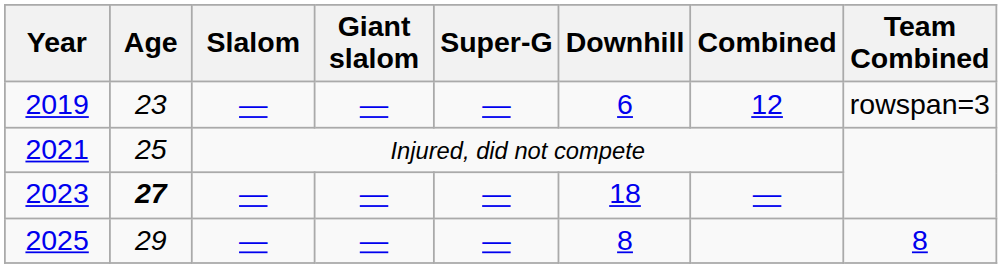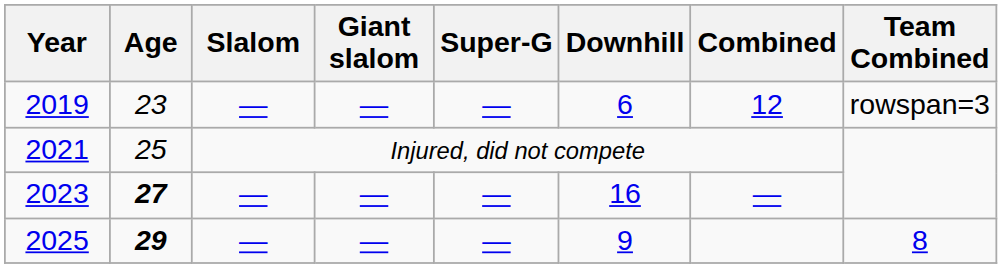 <table class=wikitable style="text-align:center">
 <tr>
 <th>  Year  </th>
 <th> Age </th>
 <th> Slalom </th>
 <th> Giant <br> slalom </th>
 <th>Super-G</th>
 <th>Downhill</th>
 <th>Combined</th>
 <th>Team<br>Combined</th>
 </tr>
 <tr>
 <td><a href='#'>2019</a></td>
 <td><em>23</em></td>
 <td><a href='#'>—</a></td>
 <td><a href='#'>—</a></td>
 <td><a href='#'>—</a></td>
 <td><a href='#'>6</a></td>
 <td><a href='#'>12</a></td>
 <td>rowspan=3</td>
 </tr>
 <tr>
 <td><a href='#'>2021</a></td>
 <td><em>25</em></td>
 <td colspan=5><em><small>Injured, did not compete</small></em></td>
 </tr>
 <tr>
 <td><a href='#'>2023</a></td>
 <td><strong><em>27</em></strong></td>
 <td><a href='#'>—</a></td>
 <td><a href='#'>—</a></td>
 <td><a href='#'>—</a></td>
-<td><a href='#'>18</a></td>
+<td><a href='#'>16</a></td>
 <td><a href='#'>—</a></td>
 </tr>
 <tr>
 <td><a href='#'>2025</a></td>
-<td><em>29</em></td>
+<td><strong><em>29</em></strong></td>
 <td><a href='#'>—</a></td>
 <td><a href='#'>—</a></td>
 <td><a href='#'>—</a></td>
-<td><a href='#'>8</a></td>
+<td><a href='#'>9</a></td>
 <td></td>
 <td><a href='#'>8</a></td>
 </tr>
 </table>
